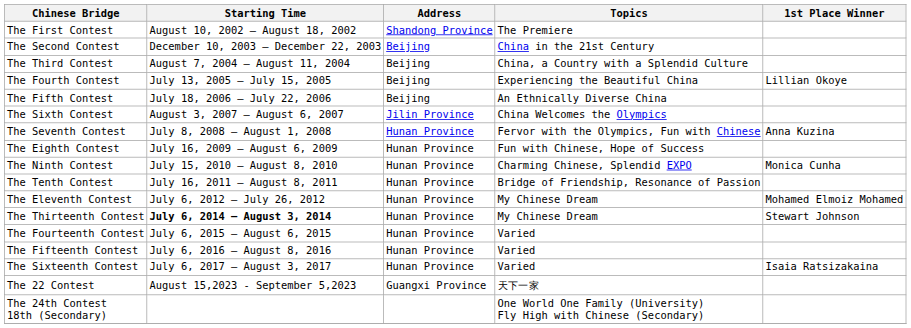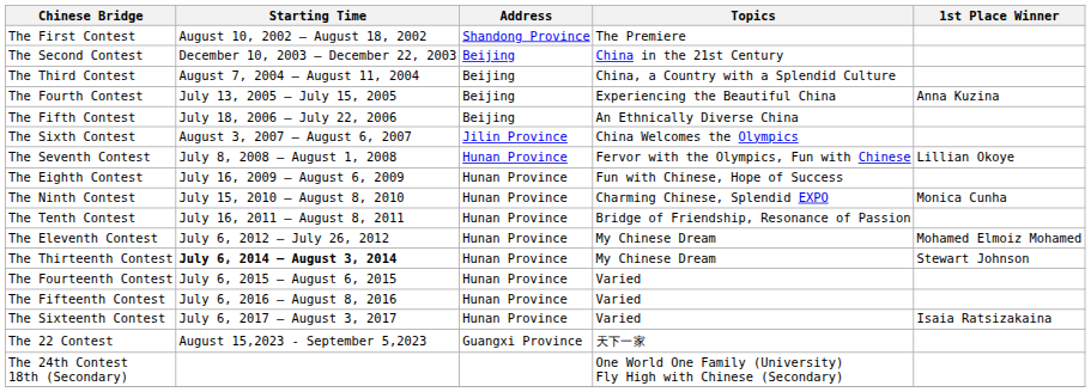 <table class="wikitable sortable" style="background-color:white;">
 <tr>
 <th>Chinese Bridge</th>
 <th>Starting Time</th>
 <th>Address</th>
 <th>Topics</th>
 <th>1st Place Winner</th>
 </tr>
 <tr>
 <td>The First Contest</td>
 <td>August 10, 2002 – August 18, 2002</td>
 <td><a href='#'>Shandong Province</a></td>
 <td>The Premiere</td>
 <td></td>
 </tr>
 <tr>
 <td>The Second Contest</td>
 <td>December 10, 2003 – December 22, 2003</td>
 <td><a href='#'>Beijing</a></td>
 <td><a href='#'>China</a> in the 21st Century</td>
 <td></td>
 </tr>
 <tr>
 <td>The Third Contest</td>
 <td>August 7, 2004 – August 11, 2004</td>
 <td>Beijing</td>
 <td>China, a Country with a Splendid Culture</td>
 <td></td>
 </tr>
 <tr>
 <td>The Fourth Contest</td>
 <td>July 13, 2005 – July 15, 2005</td>
 <td>Beijing</td>
 <td>Experiencing the Beautiful China</td>
-<td>Lillian Okoye</td>
+<td>Anna Kuzina</td>
 </tr>
 <tr>
 <td>The Fifth Contest</td>
 <td>July 18, 2006 – July 22, 2006</td>
 <td>Beijing</td>
 <td>An Ethnically Diverse China</td>
 <td></td>
 </tr>
 <tr>
 <td>The Sixth Contest</td>
 <td>August 3, 2007 – August 6, 2007</td>
 <td><a href='#'>Jilin Province</a></td>
 <td>China Welcomes the <a href='#'>Olympics</a></td>
 <td></td>
 </tr>
 <tr>
 <td>The Seventh Contest</td>
 <td>July 8, 2008 – August 1, 2008</td>
 <td><a href='#'>Hunan Province</a></td>
 <td>Fervor with the Olympics, Fun with <a href='#'>Chinese</a></td>
-<td>Anna Kuzina</td>
+<td>Lillian Okoye</td>
 </tr>
 <tr>
 <td>The Eighth Contest</td>
 <td>July 16, 2009 – August 6, 2009</td>
 <td>Hunan Province</td>
 <td>Fun with Chinese, Hope of Success</td>
 <td></td>
 </tr>
 <tr>
 <td>The Ninth Contest</td>
 <td>July 15, 2010 – August 8, 2010</td>
 <td>Hunan Province</td>
 <td>Charming Chinese, Splendid <a href='#'>EXPO</a></td>
 <td>Monica Cunha</td>
 </tr>
 <tr>
 <td>The Tenth Contest</td>
 <td>July 16, 2011 – August 8, 2011</td>
 <td>Hunan Province</td>
 <td>Bridge of Friendship, Resonance of Passion</td>
 <td></td>
 </tr>
 <tr>
 <td>The Eleventh Contest</td>
 <td>July 6, 2012 – July 26, 2012</td>
 <td>Hunan Province</td>
 <td>My Chinese Dream</td>
 <td>Mohamed Elmoiz Mohamed</td>
 </tr>
 <tr>
 <td>The Thirteenth Contest</td>
 <td><strong>July 6, 2014 – August 3, 2014</strong></td>
 <td>Hunan Province</td>
 <td>My Chinese Dream</td>
 <td>Stewart Johnson</td>
 </tr>
 <tr>
 <td>The Fourteenth Contest</td>
 <td>July 6, 2015 – August 6, 2015</td>
 <td>Hunan Province</td>
 <td>Varied</td>
 <td></td>
 </tr>
 <tr>
 <td>The Fifteenth Contest</td>
 <td>July 6, 2016 – August 8, 2016</td>
 <td>Hunan Province</td>
 <td>Varied</td>
 <td></td>
 </tr>
 <tr>
 <td>The Sixteenth Contest</td>
 <td>July 6, 2017 – August 3, 2017</td>
 <td>Hunan Province</td>
 <td>Varied</td>
 <td>Isaia Ratsizakaina</td>
 </tr>
 <tr>
 <td>The 22 Contest</td>
 <td>August 15,2023 - September 5,2023</td>
 <td>Guangxi Province</td>
 <td>天下一家</td>
 </tr>
 <tr>
 <td>The 24th Contest<br>18th (Secondary)</td>
 <td></td>
 <td></td>
 <td>One World One Family (University)<br>Fly High with Chinese (Secondary)</td>
 <td></td>
 </tr>
 <tr>
 </tr>
 </table>
